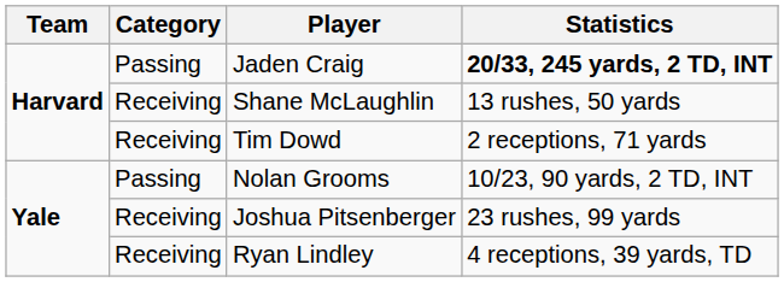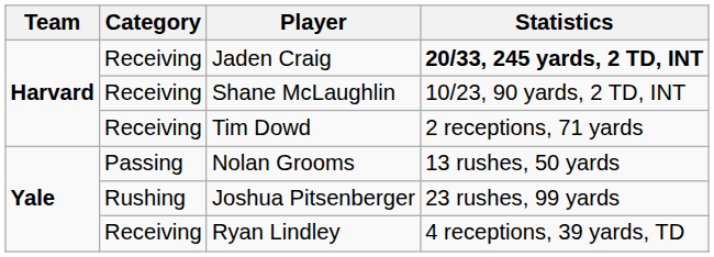 <table class="wikitable" style="float: right;">
 <tr>
 <th>Team</th>
 <th>Category</th>
 <th>Player</th>
 <th>Statistics</th>
 </tr>
 <tr>
 <td rowspan=3><strong>Harvard</strong></td>
-<td>Passing</td>
+<td>Receiving</td>
 <td>Jaden Craig</td>
 <td><strong>20/33, 245 yards, 2 TD, INT</strong></td>
 </tr>
 <tr>
 <td>Receiving</td>
 <td>Shane McLaughlin</td>
-<td>13 rushes, 50 yards</td>
+<td>10/23, 90 yards, 2 TD, INT</td>
 </tr>
 <tr>
 <td>Receiving</td>
 <td>Tim Dowd</td>
 <td>2 receptions, 71 yards</td>
 </tr>
 <tr>
 <td rowspan=3><strong>Yale</strong></td>
 <td>Passing</td>
 <td>Nolan Grooms</td>
-<td>10/23, 90 yards, 2 TD, INT</td>
+<td>13 rushes, 50 yards</td>
 </tr>
 <tr>
-<td>Receiving</td>
+<td>Rushing</td>
 <td>Joshua Pitsenberger</td>
 <td>23 rushes, 99 yards</td>
 </tr>
 <tr>
 <td>Receiving</td>
 <td>Ryan Lindley</td>
 <td>4 receptions, 39 yards, TD</td>
 </tr>
 </table>
